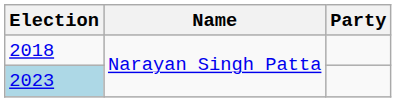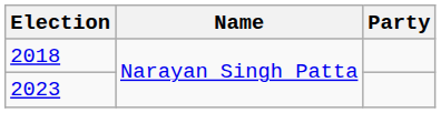 <table class="wikitable sortable">
 <tr>
 <th>Election</th>
 <th>Name</th>
 <th colspan=2>Party</th>
 </tr>
 <tr>
 <td><a href='#'>2018</a></td>
 <td rowspan="2"><a href='#'>Narayan Singh Patta</a></td>
 <td></td>
 </tr>
 <tr>
-<td style="background: lightblue;"><a href='#'>2023</a></td>
+<td><a href='#'>2023</a></td>
 </tr>
 </table>
